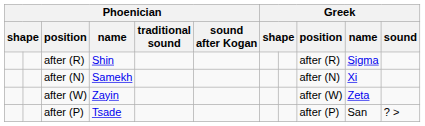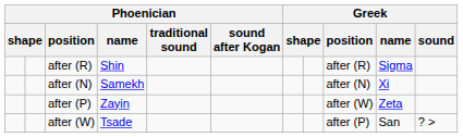 <table class="wikitable">
 <tr>
 <th colspan="6">Phoenician</th>
 <th colspan="5">Greek</th>
 </tr>
 <tr>
 <th colspan=2>shape</th>
 <th>position</th>
 <th>name</th>
 <th>traditional <br> sound</th>
 <th>sound <br> after Kogan</th>
 <th colspan=2>shape</th>
 <th>position</th>
 <th>name</th>
 <th>sound</th>
 </tr>
 <tr>
 <td></td>
 <td></td>
 <td>after  (R)</td>
 <td><a href='#'>Shin</a></td>
 <td></td>
 <td></td>
 <td></td>
 <td></td>
 <td>after  (R)</td>
 <td><a href='#'>Sigma</a></td>
 <td></td>
 </tr>
 <tr>
 <td></td>
 <td></td>
 <td>after  (N)</td>
 <td><a href='#'>Samekh</a></td>
 <td></td>
 <td></td>
 <td></td>
 <td></td>
 <td>after  (N)</td>
 <td><a href='#'>Xi</a></td>
 <td></td>
 </tr>
 <tr>
 <td></td>
 <td></td>
-<td>after  (W)</td>
+<td>after  (P)</td>
 <td><a href='#'>Zayin</a></td>
 <td></td>
 <td></td>
 <td></td>
 <td></td>
 <td>after  (W)</td>
 <td><a href='#'>Zeta</a></td>
 <td></td>
 </tr>
 <tr>
 <td></td>
 <td></td>
-<td>after  (P)</td>
+<td>after  (W)</td>
 <td><a href='#'>Tsade</a></td>
 <td></td>
 <td></td>
 <td></td>
 <td></td>
 <td>after  (P)</td>
 <td>San</td>
 <td>? > </td>
 </tr>
 </table>
